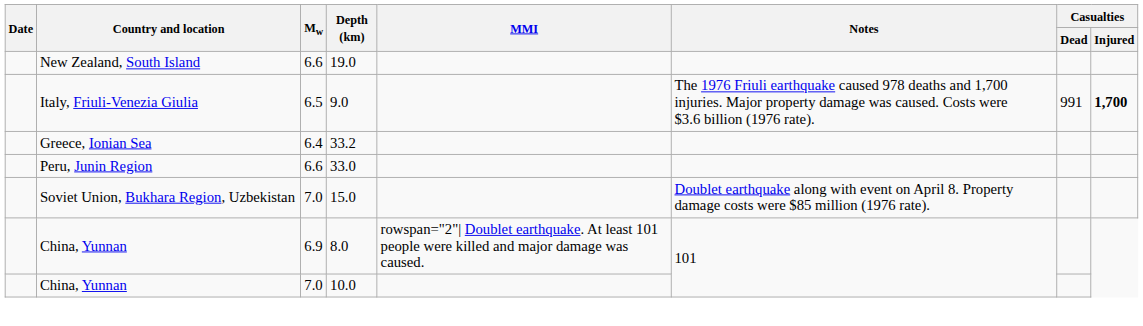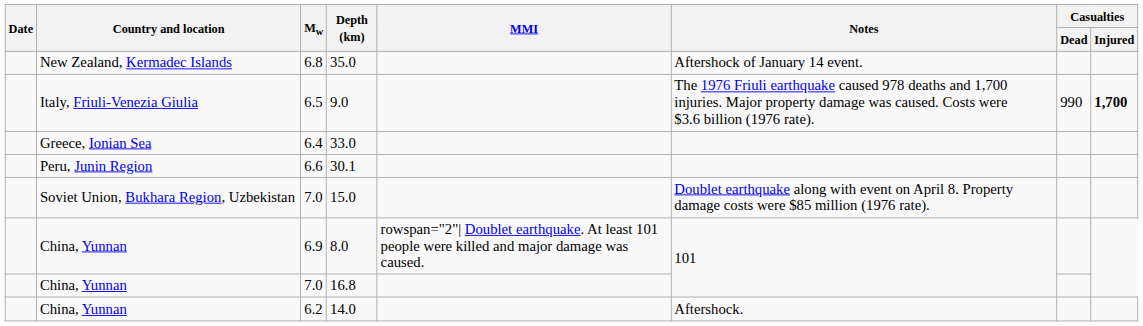 <table class="wikitable sortable sort-under" style="border:1px black; margin-left:1em;">
 <tr>
 <th rowspan="2"><small>Date</small></th>
 <th rowspan="2" style="width: 280px"><small>Country and location</small></th>
 <th rowspan="2"><small>M<sub>w</sub></small></th>
 <th rowspan="2"><small>Depth (km)</small></th>
 <th rowspan="2"><small><a href='#'>MMI</a></small></th>
 <th rowspan="2" class="unsortable"><small>Notes</small></th>
 <th colspan="2"><small>Casualties</small></th>
 </tr>
 <tr>
 <th><small>Dead</small></th>
 <th><small>Injured</small></th>
 </tr>
 <tr>
 <td></td>
-<td>New Zealand, <a href='#'>South Island</a></td>
-<td>6.6</td>
-<td>19.0</td>
+<td>New Zealand, <a href='#'>Kermadec Islands</a></td>
+<td>6.8</td>
+<td>35.0</td>
 <td></td>
-<td></td>
+<td>Aftershock of January 14 event.</td>
 <td></td>
 <td></td>
 </tr>
 <tr>
 <td></td>
 <td>Italy, <a href='#'>Friuli-Venezia Giulia</a></td>
 <td>6.5</td>
 <td>9.0</td>
 <td></td>
 <td>The <a href='#'>1976 Friuli earthquake</a> caused 978 deaths and 1,700 injuries. Major property damage was caused. Costs were $3.6 billion (1976 rate).</td>
-<td>991</td>
+<td>990</td>
 <td><strong>1,700</strong></td>
 </tr>
 <tr>
 <td></td>
 <td>Greece, <a href='#'>Ionian Sea</a></td>
 <td>6.4</td>
-<td>33.2</td>
+<td>33.0</td>
 <td></td>
 <td></td>
 <td></td>
 <td></td>
 </tr>
 <tr>
 <td></td>
 <td>Peru, <a href='#'>Junin Region</a></td>
 <td>6.6</td>
-<td>33.0</td>
+<td>30.1</td>
 <td></td>
 <td></td>
 <td></td>
 <td></td>
 </tr>
 <tr>
 <td></td>
 <td>Soviet Union, <a href='#'>Bukhara Region</a>, Uzbekistan</td>
 <td>7.0</td>
 <td>15.0</td>
 <td></td>
 <td><a href='#'>Doublet earthquake</a> along with event on April 8. Property damage costs were $85 million (1976 rate).</td>
 <td></td>
 <td></td>
 </tr>
 <tr>
 <td></td>
 <td>China, <a href='#'>Yunnan</a></td>
 <td>6.9</td>
 <td>8.0</td>
 <td>rowspan="2"| <a href='#'>Doublet earthquake</a>. At least 101 people were killed and major damage was caused.</td>
 <td rowspan="2">101</td>
 <td></td>
 </tr>
 <tr>
 <td></td>
 <td>China, <a href='#'>Yunnan</a></td>
 <td>7.0</td>
-<td>10.0</td>
+<td>16.8</td>
+<td></td>
+<td></td>
+</tr>
+<tr>
+<td></td>
+<td>China, <a href='#'>Yunnan</a></td>
+<td>6.2</td>
+<td>14.0</td>
+<td></td>
+<td>Aftershock.</td>
 <td></td>
 <td></td>
 </tr>
 </table>
